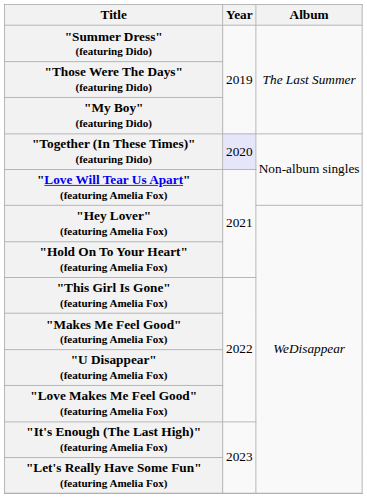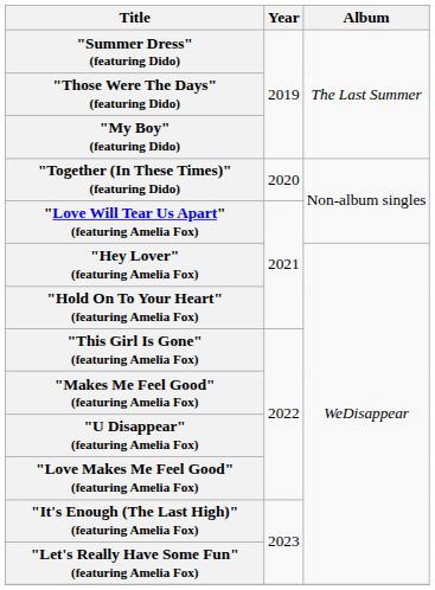 <table class="wikitable plainrowheaders" style="text-align:center">
 <tr>
 <th scope="col" style="width:16em;">Title</th>
 <th scope="col">Year</th>
 <th scope="col">Album</th>
 </tr>
 <tr>
 <th scope="row">"Summer Dress"<br><small>(featuring Dido)</small></th>
 <td rowspan="3">2019</td>
 <td rowspan="3"><em>The Last Summer</em></td>
 </tr>
 <tr>
 <th scope="row">"Those Were The Days"<br><small>(featuring Dido)</small></th>
 </tr>
 <tr>
 <th scope="row">"My Boy"<br><small>(featuring Dido)</small></th>
 </tr>
 <tr>
 <th scope="row">"Together (In These Times)"<br><small>(featuring Dido)</small></th>
-<td style="background: lavender;">2020</td>
+<td>2020</td>
 <td rowspan="2">Non-album singles</td>
 </tr>
 <tr>
 <th scope="row">"<a href='#'>Love Will Tear Us Apart</a>"<br><small>(featuring Amelia Fox)</small></th>
 <td rowspan="3">2021</td>
 </tr>
 <tr>
 <th scope="row">"Hey Lover"<br><small>(featuring Amelia Fox)</small></th>
 <td rowspan="8"><em>WeDisappear</em></td>
 </tr>
 <tr>
 <th scope="row">"Hold On To Your Heart"<br><small>(featuring Amelia Fox)</small></th>
 </tr>
 <tr>
 <th scope="row">"This Girl Is Gone"<br><small>(featuring Amelia Fox)</small></th>
 <td rowspan="4">2022</td>
 </tr>
 <tr>
 <th scope="row">"Makes Me Feel Good"<br><small>(featuring Amelia Fox)</small></th>
 </tr>
 <tr>
 <th scope="row">"U Disappear"<br><small>(featuring Amelia Fox)</small></th>
 </tr>
 <tr>
 <th scope="row">"Love Makes Me Feel Good"<br><small>(featuring Amelia Fox)</small></th>
 </tr>
 <tr>
 <th scope="row">"It's Enough (The Last High)"<br><small>(featuring Amelia Fox)</small></th>
 <td rowspan="2">2023</td>
 </tr>
 <tr>
 <th scope="row">"Let's Really Have Some Fun"<br><small>(featuring Amelia Fox)</small></th>
 </tr>
 <tr>
 </tr>
 </table>
